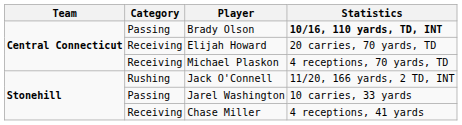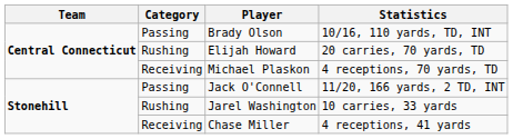 <table class="wikitable" style="float: right;">
 <tr>
 <th>Team</th>
 <th>Category</th>
 <th>Player</th>
 <th>Statistics</th>
 </tr>
 <tr>
 <td rowspan=3><strong>Central Connecticut</strong></td>
 <td>Passing</td>
 <td>Brady Olson</td>
-<td><strong>10/16, 110 yards, TD, INT</strong></td>
+<td>10/16, 110 yards, TD, INT</td>
 </tr>
 <tr>
-<td>Receiving</td>
+<td>Rushing</td>
 <td>Elijah Howard</td>
 <td>20 carries, 70 yards, TD</td>
 </tr>
 <tr>
 <td>Receiving</td>
 <td>Michael Plaskon</td>
 <td>4 receptions, 70 yards, TD</td>
 </tr>
 <tr>
 <td rowspan=3><strong>Stonehill</strong></td>
-<td>Rushing</td>
+<td>Passing</td>
 <td>Jack O'Connell</td>
 <td>11/20, 166 yards, 2 TD, INT</td>
 </tr>
 <tr>
-<td>Passing</td>
+<td>Rushing</td>
 <td>Jarel Washington</td>
 <td>10 carries, 33 yards</td>
 </tr>
 <tr>
 <td>Receiving</td>
 <td>Chase Miller</td>
 <td>4 receptions, 41 yards</td>
 </tr>
 </table>
